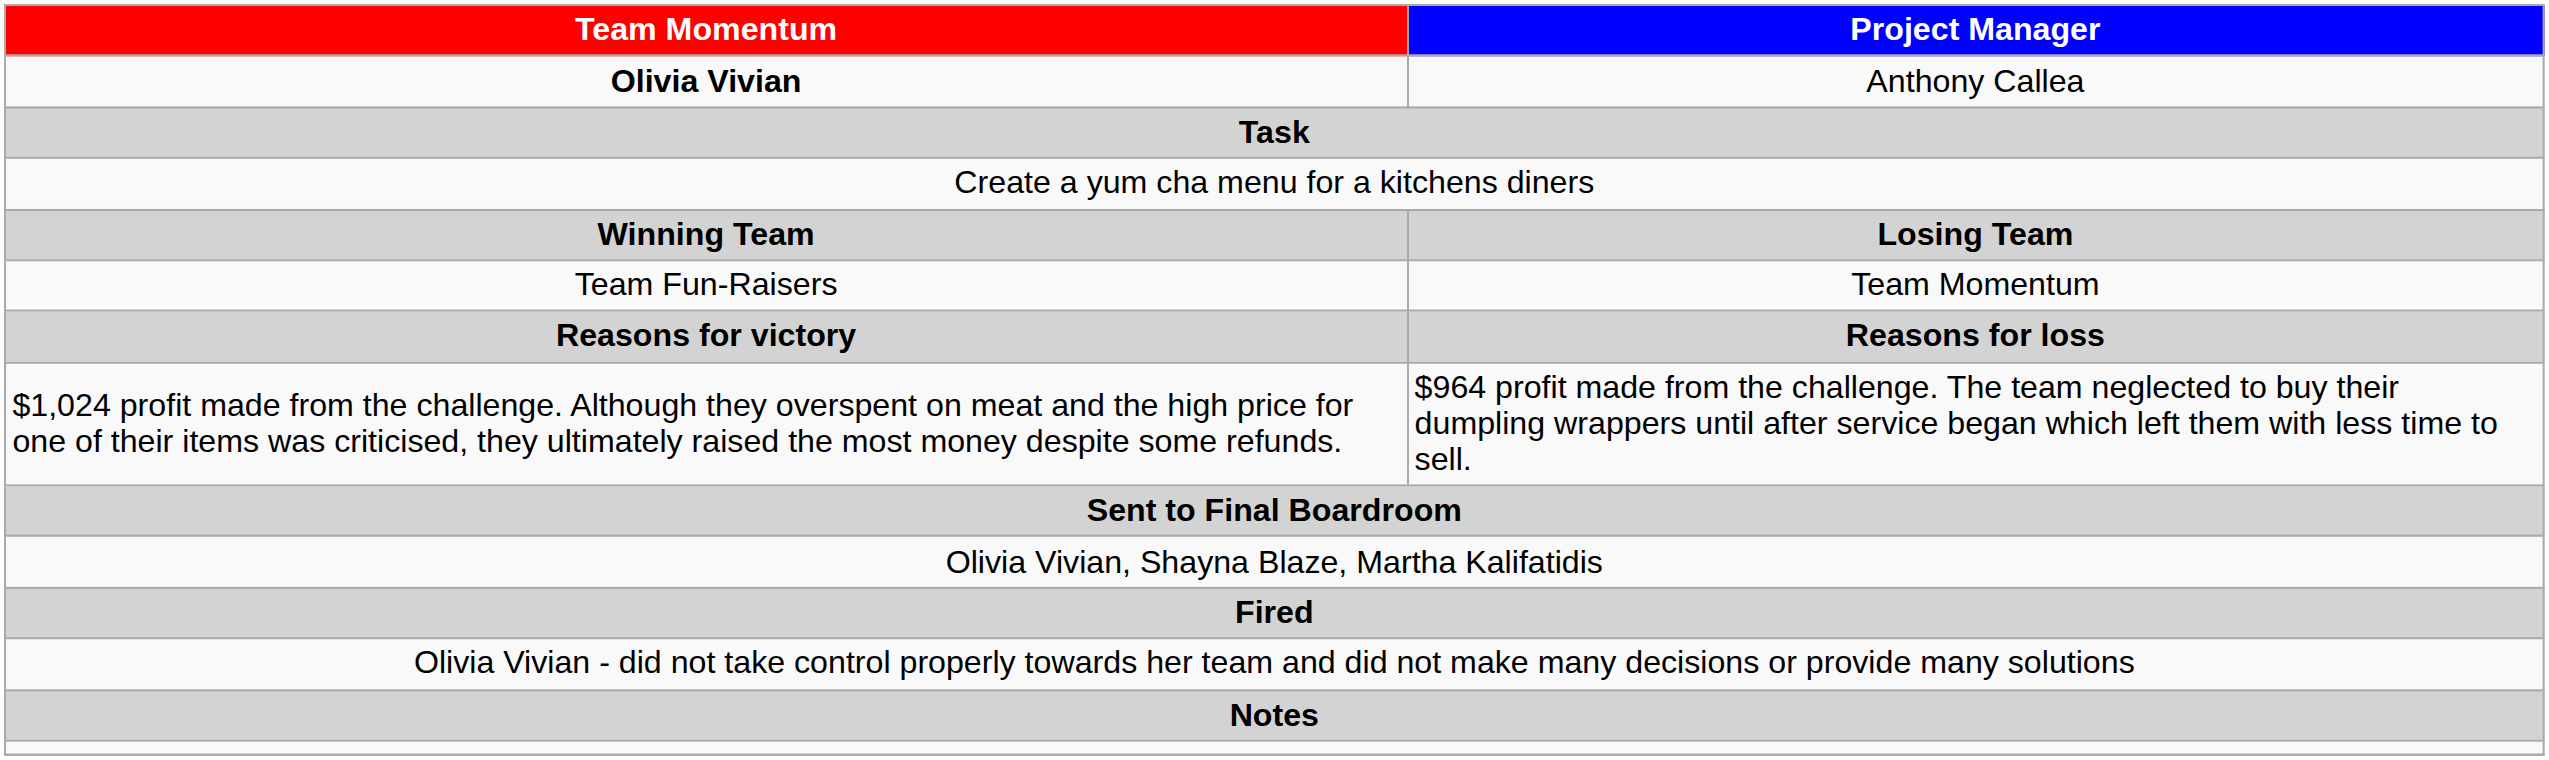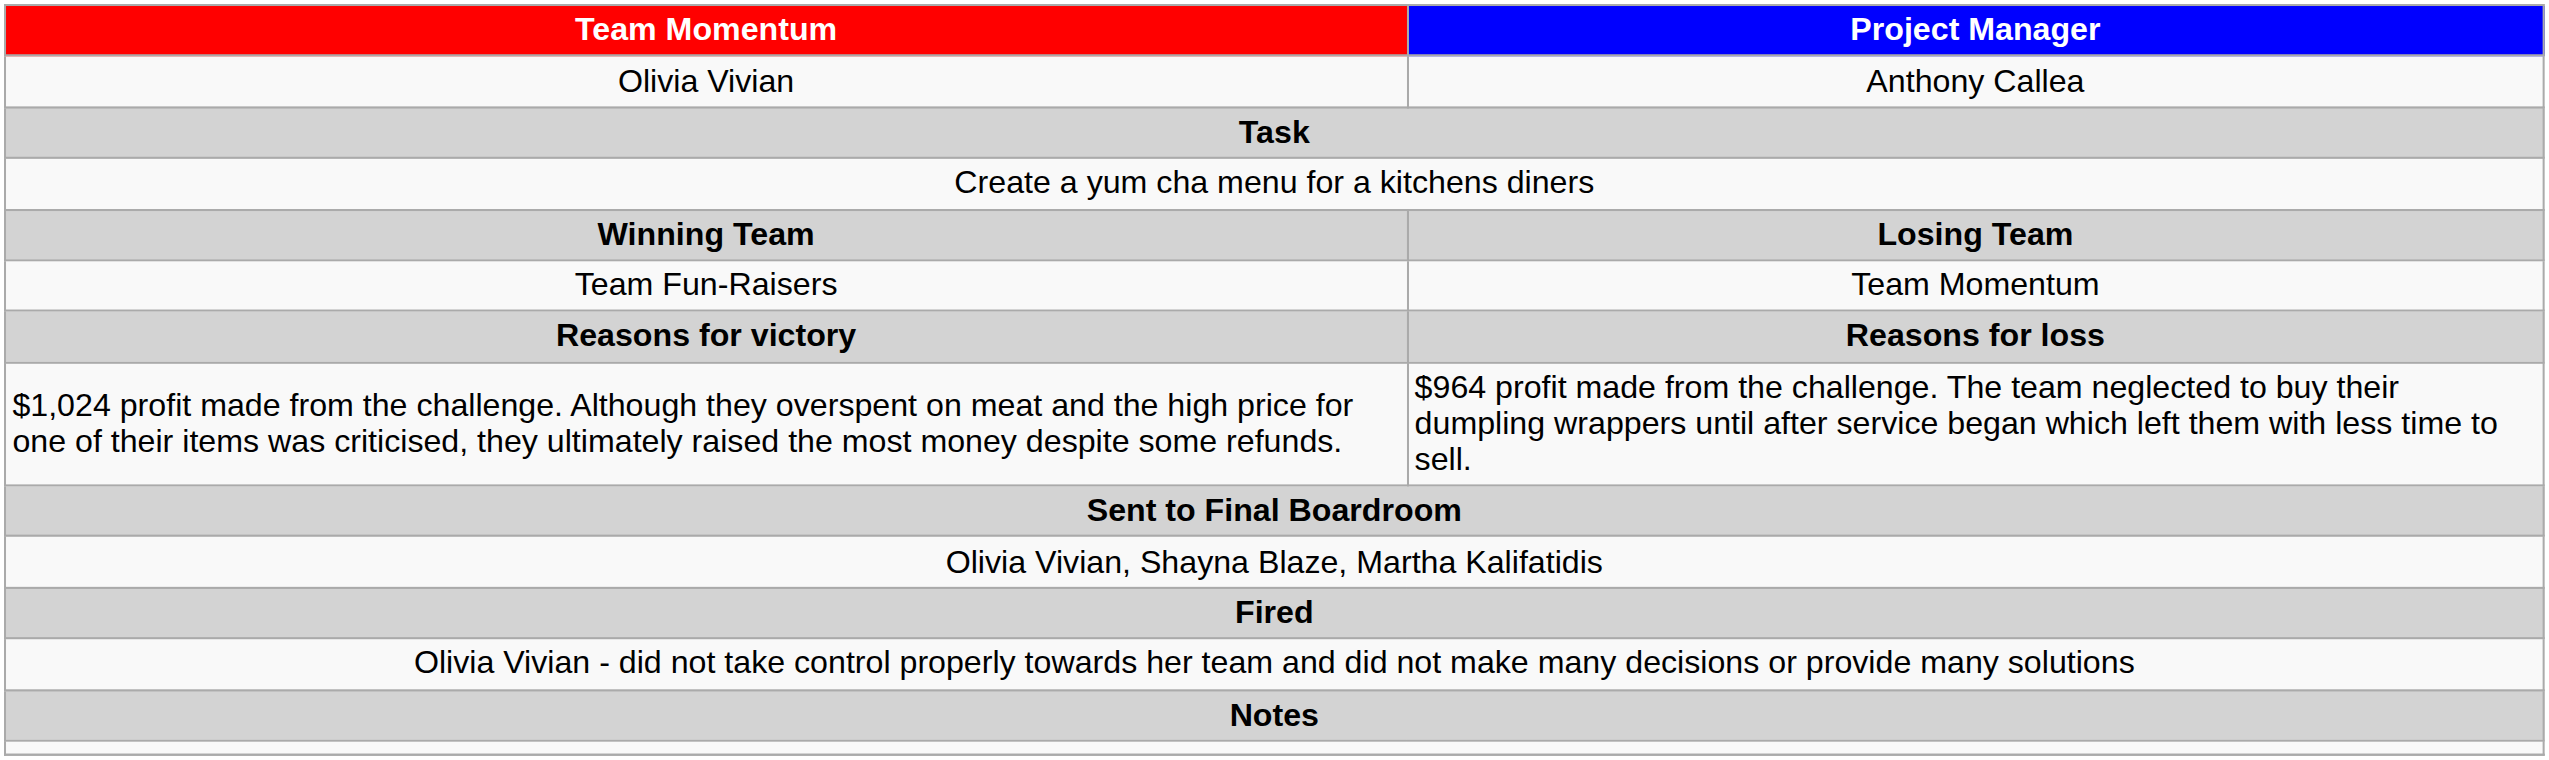 <table class="wikitable" style="text-align: center; width:100%">
 <tr>
 <th style="text-align:center; background:red;color:white">Team Momentum </th>
 <th style="text-align:center; background:blue;color:white"> Project Manager</th>
 </tr>
 <tr>
-<td><strong>Olivia Vivian</strong></td>
+<td>Olivia Vivian</td>
 <td>Anthony Callea</td>
 </tr>
 <tr>
 <th colspan="2" style="text-align:center; background:lightgrey;">Task</th>
 </tr>
 <tr>
 <td colspan="2">Create a yum cha menu for a kitchens diners</td>
 </tr>
 <tr>
 <th style="text-align:center; background:lightgrey;">Winning Team</th>
 <th style="text-align:center; background:lightgrey;">Losing Team</th>
 </tr>
 <tr>
 <td>Team Fun-Raisers</td>
 <td>Team Momentum</td>
 </tr>
 <tr>
 <th style="text-align:center; background:lightgrey;">Reasons for victory</th>
 <th style="text-align:center; background:lightgrey;">Reasons for loss</th>
 </tr>
 <tr style="text-align: left; ">
 <td>$1,024 profit made from the challenge. Although they overspent on meat and the high price for one of their items was criticised, they ultimately raised the most money despite some refunds.</td>
 <td>$964 profit made from the challenge. The team neglected to buy their dumpling wrappers until after service began which left them with less time to sell.</td>
 </tr>
 <tr>
 <th colspan="2" style="text-align:center; background:lightgrey;">Sent to Final Boardroom</th>
 </tr>
 <tr>
 <td colspan="2">Olivia Vivian, Shayna Blaze, Martha Kalifatidis</td>
 </tr>
 <tr>
 <th colspan="2" style="text-align:center; background:lightgrey;">Fired</th>
 </tr>
 <tr>
 <td colspan="2">Olivia Vivian - did not take control properly towards her team and did not make many decisions or provide many solutions</td>
 </tr>
 <tr>
 <th colspan="2" style="text-align:center; background:lightgrey;">Notes</th>
 </tr>
 <tr>
 <td colspan="2"></td>
 </tr>
 <tr>
 </tr>
 </table>
